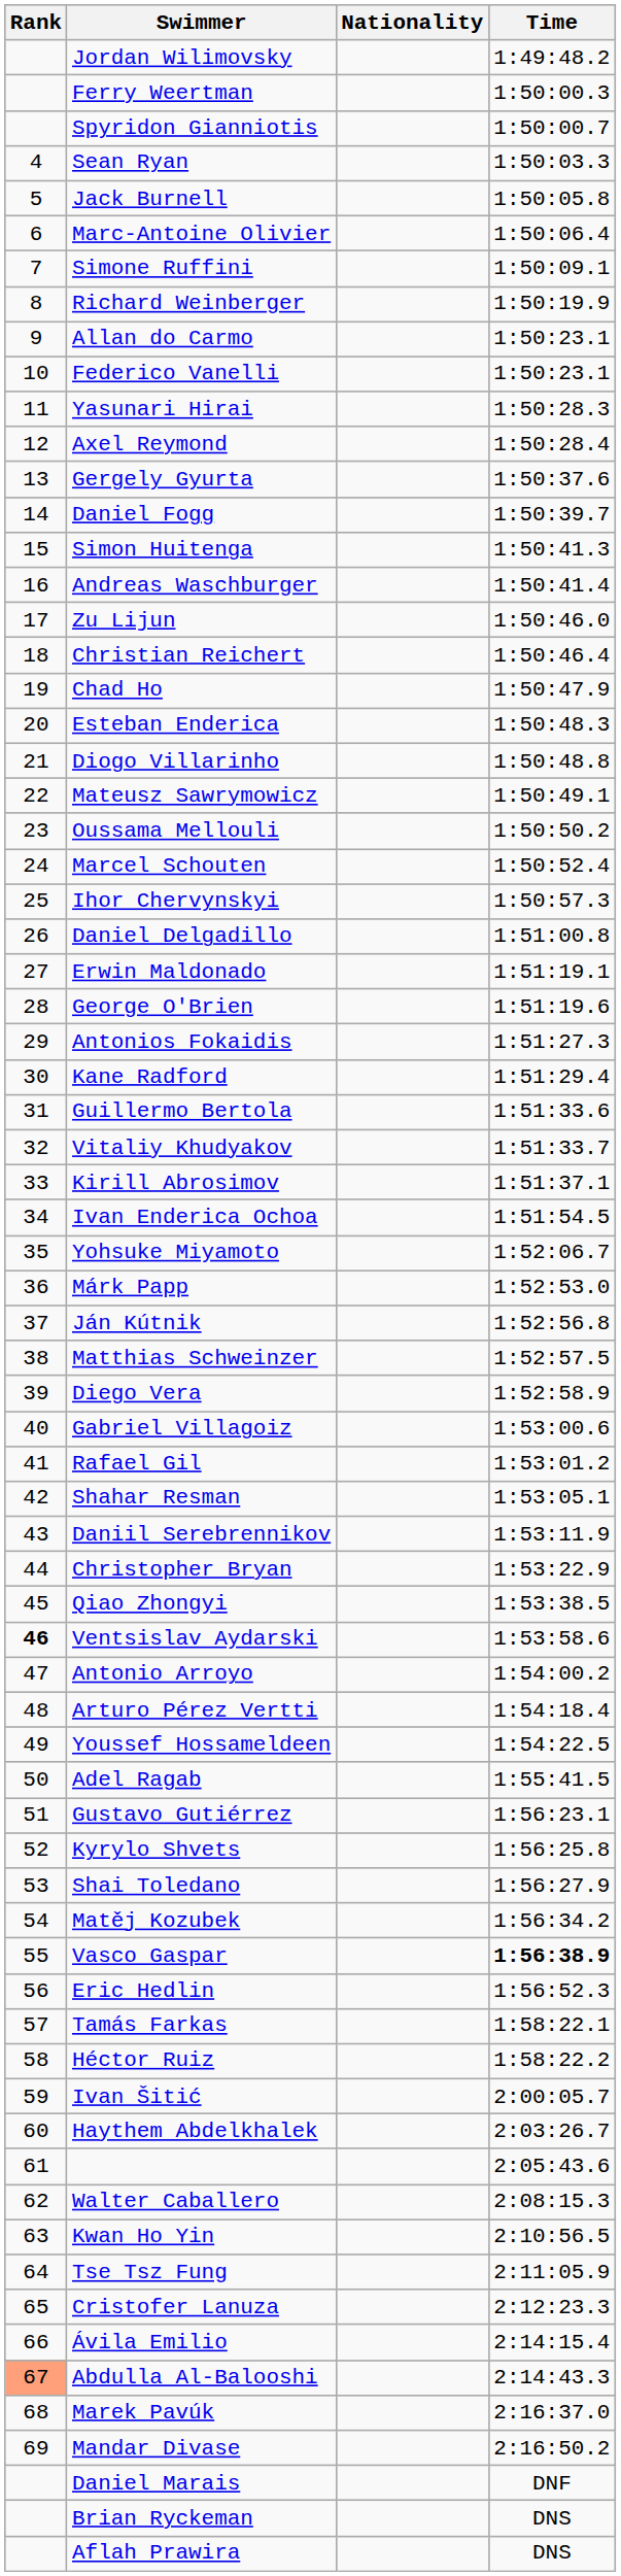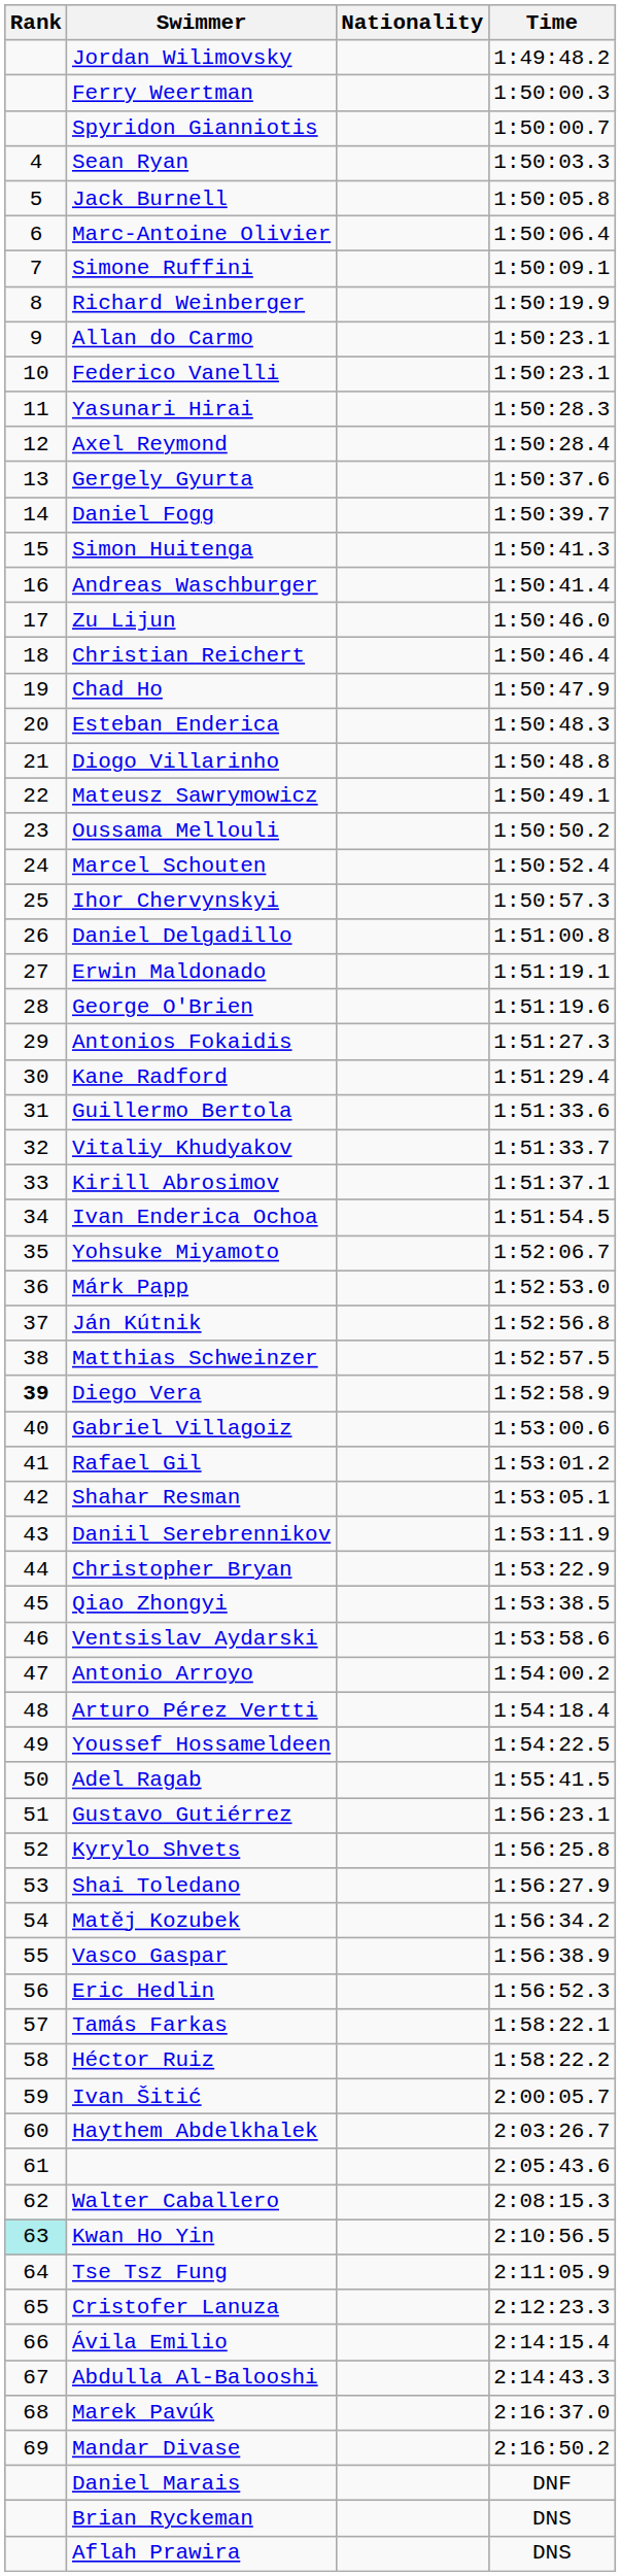 <table class="wikitable sortable" border="1" style="text-align:center">
 <tr>
 <th>Rank</th>
 <th>Swimmer</th>
 <th>Nationality</th>
 <th>Time</th>
 </tr>
 <tr>
 <td></td>
 <td align=left><a href='#'>Jordan Wilimovsky</a></td>
 <td align=left></td>
 <td>1:49:48.2</td>
 </tr>
 <tr>
 <td></td>
 <td align=left><a href='#'>Ferry Weertman</a></td>
 <td align=left></td>
 <td>1:50:00.3</td>
 </tr>
 <tr>
 <td></td>
 <td align=left><a href='#'>Spyridon Gianniotis</a></td>
 <td align=left></td>
 <td>1:50:00.7</td>
 </tr>
 <tr>
 <td>4</td>
 <td align=left><a href='#'>Sean Ryan</a></td>
 <td align=left></td>
 <td>1:50:03.3</td>
 </tr>
 <tr>
 <td>5</td>
 <td align=left><a href='#'>Jack Burnell</a></td>
 <td align=left></td>
 <td>1:50:05.8</td>
 </tr>
 <tr>
 <td>6</td>
 <td align=left><a href='#'>Marc-Antoine Olivier</a></td>
 <td align=left></td>
 <td>1:50:06.4</td>
 </tr>
 <tr>
 <td>7</td>
 <td align=left><a href='#'>Simone Ruffini</a></td>
 <td align=left></td>
 <td>1:50:09.1</td>
 </tr>
 <tr>
 <td>8</td>
 <td align=left><a href='#'>Richard Weinberger</a></td>
 <td align=left></td>
 <td>1:50:19.9</td>
 </tr>
 <tr>
 <td>9</td>
 <td align=left><a href='#'>Allan do Carmo</a></td>
 <td align=left></td>
 <td>1:50:23.1</td>
 </tr>
 <tr>
 <td>10</td>
 <td align=left><a href='#'>Federico Vanelli</a></td>
 <td align=left></td>
 <td>1:50:23.1</td>
 </tr>
 <tr>
 <td>11</td>
 <td align=left><a href='#'>Yasunari Hirai</a></td>
 <td align=left></td>
 <td>1:50:28.3</td>
 </tr>
 <tr>
 <td>12</td>
 <td align=left><a href='#'>Axel Reymond</a></td>
 <td align=left></td>
 <td>1:50:28.4</td>
 </tr>
 <tr>
 <td>13</td>
 <td align=left><a href='#'>Gergely Gyurta</a></td>
 <td align=left></td>
 <td>1:50:37.6</td>
 </tr>
 <tr>
 <td>14</td>
 <td align=left><a href='#'>Daniel Fogg</a></td>
 <td align=left></td>
 <td>1:50:39.7</td>
 </tr>
 <tr>
 <td>15</td>
 <td align=left><a href='#'>Simon Huitenga</a></td>
 <td align=left></td>
 <td>1:50:41.3</td>
 </tr>
 <tr>
 <td>16</td>
 <td align=left><a href='#'>Andreas Waschburger</a></td>
 <td align=left></td>
 <td>1:50:41.4</td>
 </tr>
 <tr>
 <td>17</td>
 <td align=left><a href='#'>Zu Lijun</a></td>
 <td align=left></td>
 <td>1:50:46.0</td>
 </tr>
 <tr>
 <td>18</td>
 <td align=left><a href='#'>Christian Reichert</a></td>
 <td align=left></td>
 <td>1:50:46.4</td>
 </tr>
 <tr>
 <td>19</td>
 <td align=left><a href='#'>Chad Ho</a></td>
 <td align=left></td>
 <td>1:50:47.9</td>
 </tr>
 <tr>
 <td>20</td>
 <td align=left><a href='#'>Esteban Enderica</a></td>
 <td align=left></td>
 <td>1:50:48.3</td>
 </tr>
 <tr>
 <td>21</td>
 <td align=left><a href='#'>Diogo Villarinho</a></td>
 <td align=left></td>
 <td>1:50:48.8</td>
 </tr>
 <tr>
 <td>22</td>
 <td align=left><a href='#'>Mateusz Sawrymowicz</a></td>
 <td align=left></td>
 <td>1:50:49.1</td>
 </tr>
 <tr>
 <td>23</td>
 <td align=left><a href='#'>Oussama Mellouli</a></td>
 <td align=left></td>
 <td>1:50:50.2</td>
 </tr>
 <tr>
 <td>24</td>
 <td align=left><a href='#'>Marcel Schouten</a></td>
 <td align=left></td>
 <td>1:50:52.4</td>
 </tr>
 <tr>
 <td>25</td>
 <td align=left><a href='#'>Ihor Chervynskyi</a></td>
 <td align=left></td>
 <td>1:50:57.3</td>
 </tr>
 <tr>
 <td>26</td>
 <td align=left><a href='#'>Daniel Delgadillo</a></td>
 <td align=left></td>
 <td>1:51:00.8</td>
 </tr>
 <tr>
 <td>27</td>
 <td align=left><a href='#'>Erwin Maldonado</a></td>
 <td align=left></td>
 <td>1:51:19.1</td>
 </tr>
 <tr>
 <td>28</td>
 <td align=left><a href='#'>George O'Brien</a></td>
 <td align=left></td>
 <td>1:51:19.6</td>
 </tr>
 <tr>
 <td>29</td>
 <td align=left><a href='#'>Antonios Fokaidis</a></td>
 <td align=left></td>
 <td>1:51:27.3</td>
 </tr>
 <tr>
 <td>30</td>
 <td align=left><a href='#'>Kane Radford</a></td>
 <td align=left></td>
 <td>1:51:29.4</td>
 </tr>
 <tr>
 <td>31</td>
 <td align=left><a href='#'>Guillermo Bertola</a></td>
 <td align=left></td>
 <td>1:51:33.6</td>
 </tr>
 <tr>
 <td>32</td>
 <td align=left><a href='#'>Vitaliy Khudyakov</a></td>
 <td align=left></td>
 <td>1:51:33.7</td>
 </tr>
 <tr>
 <td>33</td>
 <td align=left><a href='#'>Kirill Abrosimov</a></td>
 <td align=left></td>
 <td>1:51:37.1</td>
 </tr>
 <tr>
 <td>34</td>
 <td align=left><a href='#'>Ivan Enderica Ochoa</a></td>
 <td align=left></td>
 <td>1:51:54.5</td>
 </tr>
 <tr>
 <td>35</td>
 <td align=left><a href='#'>Yohsuke Miyamoto</a></td>
 <td align=left></td>
 <td>1:52:06.7</td>
 </tr>
 <tr>
 <td>36</td>
 <td align=left><a href='#'>Márk Papp</a></td>
 <td align=left></td>
 <td>1:52:53.0</td>
 </tr>
 <tr>
 <td>37</td>
 <td align=left><a href='#'>Ján Kútnik</a></td>
 <td align=left></td>
 <td>1:52:56.8</td>
 </tr>
 <tr>
 <td>38</td>
 <td align=left><a href='#'>Matthias Schweinzer</a></td>
 <td align=left></td>
 <td>1:52:57.5</td>
 </tr>
 <tr>
-<td>39</td>
+<td><strong>39</strong></td>
 <td align=left><a href='#'>Diego Vera</a></td>
 <td align=left></td>
 <td>1:52:58.9</td>
 </tr>
 <tr>
 <td>40</td>
 <td align=left><a href='#'>Gabriel Villagoiz</a></td>
 <td align=left></td>
 <td>1:53:00.6</td>
 </tr>
 <tr>
 <td>41</td>
 <td align=left><a href='#'>Rafael Gil</a></td>
 <td align=left></td>
 <td>1:53:01.2</td>
 </tr>
 <tr>
 <td>42</td>
 <td align=left><a href='#'>Shahar Resman</a></td>
 <td align=left></td>
 <td>1:53:05.1</td>
 </tr>
 <tr>
 <td>43</td>
 <td align=left><a href='#'>Daniil Serebrennikov</a></td>
 <td align=left></td>
 <td>1:53:11.9</td>
 </tr>
 <tr>
 <td>44</td>
 <td align=left><a href='#'>Christopher Bryan</a></td>
 <td align=left></td>
 <td>1:53:22.9</td>
 </tr>
 <tr>
 <td>45</td>
 <td align=left><a href='#'>Qiao Zhongyi</a></td>
 <td align=left></td>
 <td>1:53:38.5</td>
 </tr>
 <tr>
-<td><strong>46</strong></td>
+<td>46</td>
 <td align=left><a href='#'>Ventsislav Aydarski</a></td>
 <td align=left></td>
 <td>1:53:58.6</td>
 </tr>
 <tr>
 <td>47</td>
 <td align=left><a href='#'>Antonio Arroyo</a></td>
 <td align=left></td>
 <td>1:54:00.2</td>
 </tr>
 <tr>
 <td>48</td>
 <td align=left><a href='#'>Arturo Pérez Vertti</a></td>
 <td align=left></td>
 <td>1:54:18.4</td>
 </tr>
 <tr>
 <td>49</td>
 <td align=left><a href='#'>Youssef Hossameldeen</a></td>
 <td align=left></td>
 <td>1:54:22.5</td>
 </tr>
 <tr>
 <td>50</td>
 <td align=left><a href='#'>Adel Ragab</a></td>
 <td align=left></td>
 <td>1:55:41.5</td>
 </tr>
 <tr>
 <td>51</td>
 <td align=left><a href='#'>Gustavo Gutiérrez</a></td>
 <td align=left></td>
 <td>1:56:23.1</td>
 </tr>
 <tr>
 <td>52</td>
 <td align=left><a href='#'>Kyrylo Shvets</a></td>
 <td align=left></td>
 <td>1:56:25.8</td>
 </tr>
 <tr>
 <td>53</td>
 <td align=left><a href='#'>Shai Toledano</a></td>
 <td align=left></td>
 <td>1:56:27.9</td>
 </tr>
 <tr>
 <td>54</td>
 <td align=left><a href='#'>Matěj Kozubek</a></td>
 <td align=left></td>
 <td>1:56:34.2</td>
 </tr>
 <tr>
 <td>55</td>
 <td align=left><a href='#'>Vasco Gaspar</a></td>
 <td align=left></td>
-<td><strong>1:56:38.9</strong></td>
+<td>1:56:38.9</td>
 </tr>
 <tr>
 <td>56</td>
 <td align=left><a href='#'>Eric Hedlin</a></td>
 <td align=left></td>
 <td>1:56:52.3</td>
 </tr>
 <tr>
 <td>57</td>
 <td align=left><a href='#'>Tamás Farkas</a></td>
 <td align=left></td>
 <td>1:58:22.1</td>
 </tr>
 <tr>
 <td>58</td>
 <td align=left><a href='#'>Héctor Ruiz</a></td>
 <td align=left></td>
 <td>1:58:22.2</td>
 </tr>
 <tr>
 <td>59</td>
 <td align=left><a href='#'>Ivan Šitić</a></td>
 <td align=left></td>
 <td>2:00:05.7</td>
 </tr>
 <tr>
 <td>60</td>
 <td align=left><a href='#'>Haythem Abdelkhalek</a></td>
 <td align=left></td>
 <td>2:03:26.7</td>
 </tr>
 <tr>
 <td>61</td>
 <td align=left></td>
 <td align=left></td>
 <td>2:05:43.6</td>
 </tr>
 <tr>
 <td>62</td>
 <td align=left><a href='#'>Walter Caballero</a></td>
 <td align=left></td>
 <td>2:08:15.3</td>
 </tr>
 <tr>
-<td>63</td>
+<td style="background: paleturquoise;">63</td>
 <td align=left><a href='#'>Kwan Ho Yin</a></td>
 <td align=left></td>
 <td>2:10:56.5</td>
 </tr>
 <tr>
 <td>64</td>
 <td align=left><a href='#'>Tse Tsz Fung</a></td>
 <td align=left></td>
 <td>2:11:05.9</td>
 </tr>
 <tr>
 <td>65</td>
 <td align=left><a href='#'>Cristofer Lanuza</a></td>
 <td align=left></td>
 <td>2:12:23.3</td>
 </tr>
 <tr>
 <td>66</td>
 <td align=left><a href='#'>Ávila Emilio</a></td>
 <td align=left></td>
 <td>2:14:15.4</td>
 </tr>
 <tr>
-<td style="background: lightsalmon;">67</td>
+<td>67</td>
 <td align=left><a href='#'>Abdulla Al-Balooshi</a></td>
 <td align=left></td>
 <td>2:14:43.3</td>
 </tr>
 <tr>
 <td>68</td>
 <td align=left><a href='#'>Marek Pavúk</a></td>
 <td align=left></td>
 <td>2:16:37.0</td>
 </tr>
 <tr>
 <td>69</td>
 <td align=left><a href='#'>Mandar Divase</a></td>
 <td align=left></td>
 <td>2:16:50.2</td>
 </tr>
 <tr>
 <td></td>
 <td align=left><a href='#'>Daniel Marais</a></td>
 <td align=left></td>
 <td>DNF</td>
 </tr>
 <tr>
 <td></td>
 <td align=left><a href='#'>Brian Ryckeman</a></td>
 <td align=left></td>
 <td>DNS</td>
 </tr>
 <tr>
 <td></td>
 <td align=left><a href='#'>Aflah Prawira</a></td>
 <td align=left></td>
 <td>DNS</td>
 </tr>
 </table>
